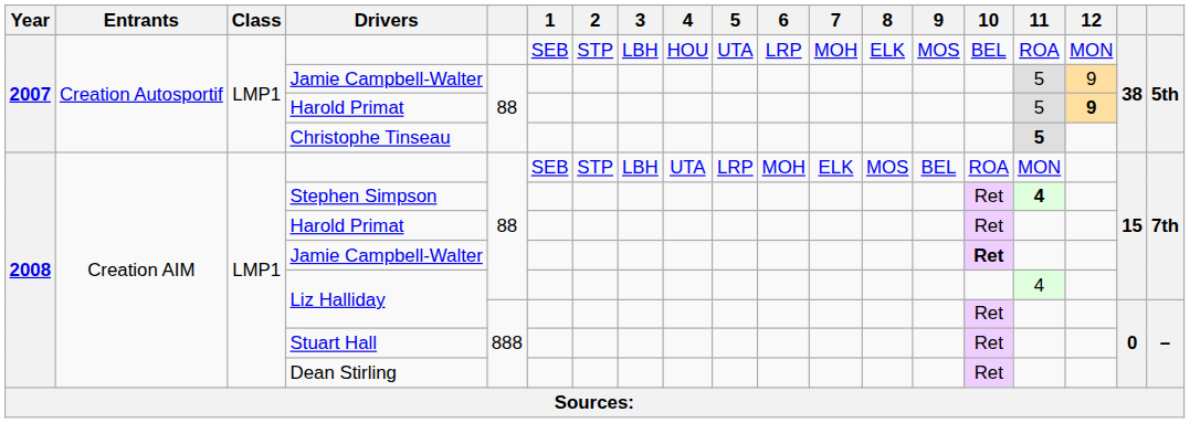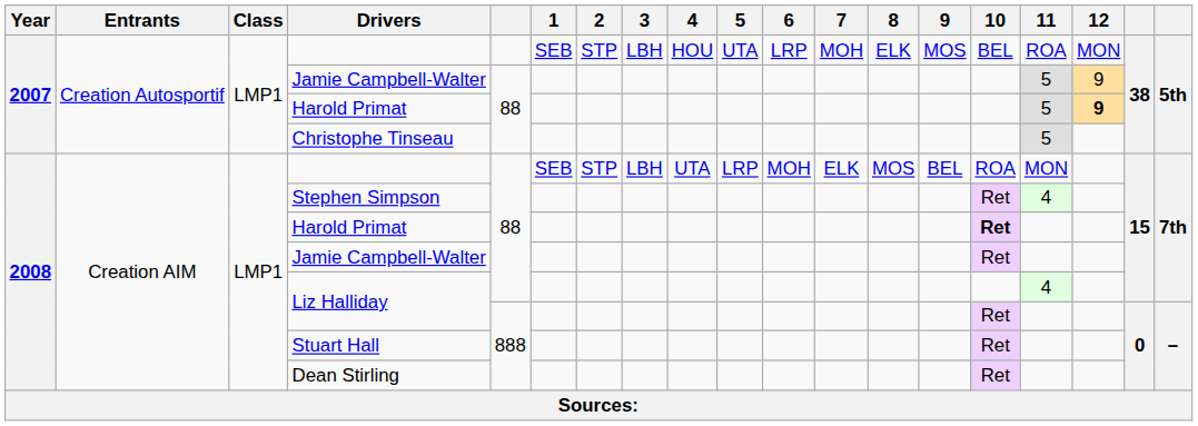 <table class="wikitable" style="text-align:center; font-size:90%">
 <tr>
 <th>Year</th>
 <th>Entrants</th>
 <th>Class</th>
 <th>Drivers</th>
 <th></th>
 <th>1</th>
 <th>2</th>
 <th>3</th>
 <th>4</th>
 <th>5</th>
 <th>6</th>
 <th>7</th>
 <th>8</th>
 <th>9</th>
 <th>10</th>
 <th>11</th>
 <th>12</th>
 <th></th>
 <th></th>
 </tr>
 <tr>
 <th rowspan="4"><a href='#'>2007</a></th>
 <td rowspan="4"><a href='#'>Creation Autosportif</a></td>
 <td rowspan="4">LMP1</td>
 <td></td>
 <td></td>
 <td><a href='#'>SEB</a></td>
 <td><a href='#'>STP</a></td>
 <td><a href='#'>LBH</a></td>
 <td><a href='#'>HOU</a></td>
 <td><a href='#'>UTA</a></td>
 <td><a href='#'>LRP</a></td>
 <td><a href='#'>MOH</a></td>
 <td><a href='#'>ELK</a></td>
 <td><a href='#'>MOS</a></td>
 <td><a href='#'>BEL</a></td>
 <td><a href='#'>ROA</a></td>
 <td><a href='#'>MON</a></td>
 <th rowspan="4">38</th>
 <th rowspan="4">5th</th>
 </tr>
 <tr>
 <td align="left "> <a href='#'>Jamie Campbell-Walter</a></td>
 <td rowspan="3">88</td>
 <td></td>
 <td></td>
 <td></td>
 <td></td>
 <td></td>
 <td></td>
 <td></td>
 <td></td>
 <td></td>
 <td></td>
 <td align="center" style="background:#DFDFDF;">5</td>
 <td align="center" style="background:#FFDF9F;">9</td>
 </tr>
 <tr>
 <td align="left "> <a href='#'>Harold Primat</a></td>
 <td></td>
 <td></td>
 <td></td>
 <td></td>
 <td></td>
 <td></td>
 <td></td>
 <td></td>
 <td></td>
 <td></td>
 <td align="center" style="background:#DFDFDF;">5</td>
 <td align="center" style="background:#FFDF9F;"><strong>9</strong></td>
 </tr>
 <tr>
 <td align="left "> <a href='#'>Christophe Tinseau</a></td>
 <td></td>
 <td></td>
 <td></td>
 <td></td>
 <td></td>
 <td></td>
 <td></td>
 <td></td>
 <td></td>
 <td></td>
-<td align="center" style="background:#DFDFDF;"><strong>5</strong></td>
+<td align="center" style="background:#DFDFDF;">5</td>
 <td></td>
 </tr>
 <tr>
 <th rowspan="8"><a href='#'>2008</a></th>
 <td rowspan="8">Creation AIM</td>
 <td rowspan="8">LMP1</td>
 <td></td>
 <td rowspan="5">88</td>
 <td><a href='#'>SEB</a></td>
 <td><a href='#'>STP</a></td>
 <td><a href='#'>LBH</a></td>
 <td><a href='#'>UTA</a></td>
 <td><a href='#'>LRP</a></td>
 <td><a href='#'>MOH</a></td>
 <td><a href='#'>ELK</a></td>
 <td><a href='#'>MOS</a></td>
 <td><a href='#'>BEL</a></td>
 <td><a href='#'>ROA</a></td>
 <td><a href='#'>MON</a></td>
 <td></td>
 <th rowspan="5">15</th>
 <th rowspan="5">7th</th>
 </tr>
 <tr>
 <td align="left "> <a href='#'>Stephen Simpson</a></td>
 <td></td>
 <td></td>
 <td></td>
 <td></td>
 <td></td>
 <td></td>
 <td></td>
 <td></td>
 <td></td>
 <td align="center" style="background:#EFCFFF;">Ret</td>
-<td align="center" style="background:#DFFFDF;"><strong>4</strong></td>
+<td align="center" style="background:#DFFFDF;">4</td>
 <td></td>
 </tr>
 <tr>
 <td align="left "> <a href='#'>Harold Primat</a></td>
 <td></td>
 <td></td>
 <td></td>
 <td></td>
 <td></td>
 <td></td>
 <td></td>
 <td></td>
 <td></td>
-<td style="background:#EFCFFF;">Ret</td>
+<td style="background:#EFCFFF;"><strong>Ret</strong></td>
 <td></td>
 <td></td>
 </tr>
 <tr>
 <td align="left "> <a href='#'>Jamie Campbell-Walter</a></td>
 <td></td>
 <td></td>
 <td></td>
 <td></td>
 <td></td>
 <td></td>
 <td></td>
 <td></td>
 <td></td>
-<td align="center" style="background:#EFCFFF;"><strong>Ret</strong></td>
+<td align="center" style="background:#EFCFFF;">Ret</td>
 <td></td>
 <td></td>
 </tr>
 <tr>
 <td rowspan="2" align="left "> <a href='#'>Liz Halliday</a></td>
 <td></td>
 <td></td>
 <td></td>
 <td></td>
 <td></td>
 <td></td>
 <td></td>
 <td></td>
 <td></td>
 <td></td>
 <td align="center" style="background:#DFFFDF;">4</td>
 <td></td>
 </tr>
 <tr>
 <td rowspan="3">888</td>
 <td></td>
 <td></td>
 <td></td>
 <td></td>
 <td></td>
 <td></td>
 <td></td>
 <td></td>
 <td></td>
 <td align="center" style="background:#EFCFFF;">Ret</td>
 <td></td>
 <td></td>
 <th rowspan="3">0</th>
 <th rowspan="3">–</th>
 </tr>
 <tr>
 <td align="left "> <a href='#'>Stuart Hall</a></td>
 <td></td>
 <td></td>
 <td></td>
 <td></td>
 <td></td>
 <td></td>
 <td></td>
 <td></td>
 <td></td>
 <td align="center" style="background:#EFCFFF;">Ret</td>
 <td></td>
 <td></td>
 </tr>
 <tr>
 <td align="left "> Dean Stirling</td>
 <td></td>
 <td></td>
 <td></td>
 <td></td>
 <td></td>
 <td></td>
 <td></td>
 <td></td>
 <td></td>
 <td align="center" style="background:#EFCFFF;">Ret</td>
 <td></td>
 <td></td>
 </tr>
 <tr>
 <th colspan="20">Sources:</th>
 </tr>
 </table>
